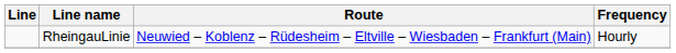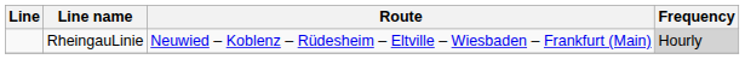 <table class="wikitable">
 <tr>
 <th>Line</th>
 <th>Line name</th>
 <th>Route</th>
 <th>Frequency</th>
 </tr>
 <tr>
 <td></td>
 <td>RheingauLinie</td>
 <td><a href='#'>Neuwied</a> – <a href='#'>Koblenz</a> – <a href='#'>Rüdesheim</a> –  <a href='#'>Eltville</a> – <a href='#'>Wiesbaden</a> – <a href='#'>Frankfurt (Main)</a></td>
-<td>Hourly</td>
+<td style="background: lightgrey;">Hourly</td>
 </tr>
 <tr>
 </tr>
 </table>
